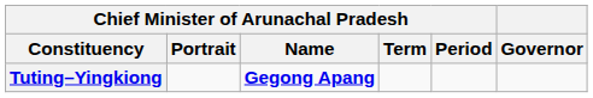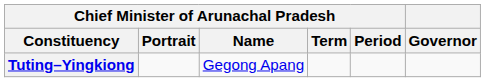 <table class="wikitable sortable">
 <tr>
 <th colspan="5">Chief Minister of Arunachal Pradesh</th>
 <th></th>
 </tr>
 <tr>
 <th>Constituency</th>
 <th>Portrait</th>
 <th>Name</th>
 <th>Term</th>
 <th>Period</th>
 <th>Governor</th>
 </tr>
 <tr>
 <th><a href='#'>Tuting–Yingkiong</a></th>
 <td></td>
-<td><strong><a href='#'>Gegong Apang</a></strong></td>
+<td><a href='#'>Gegong Apang</a></td>
 <td></td>
 <td></td>
 <td></td>
 </tr>
 </table>
